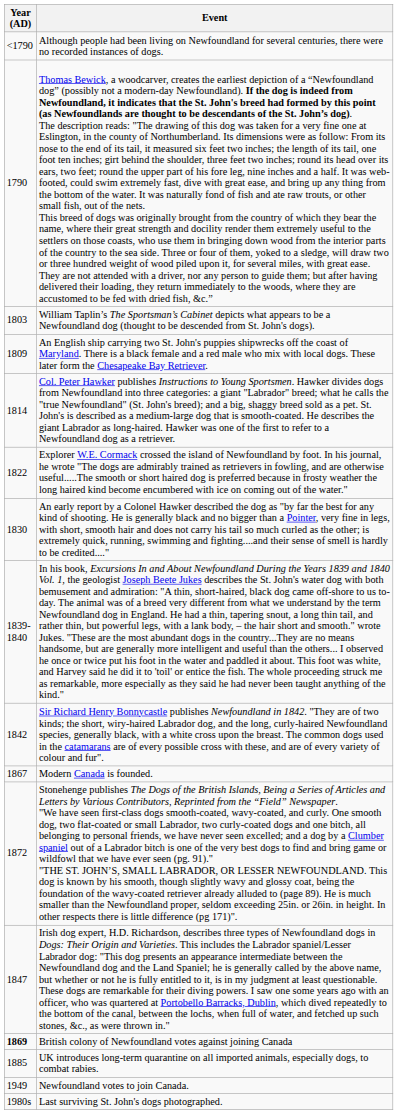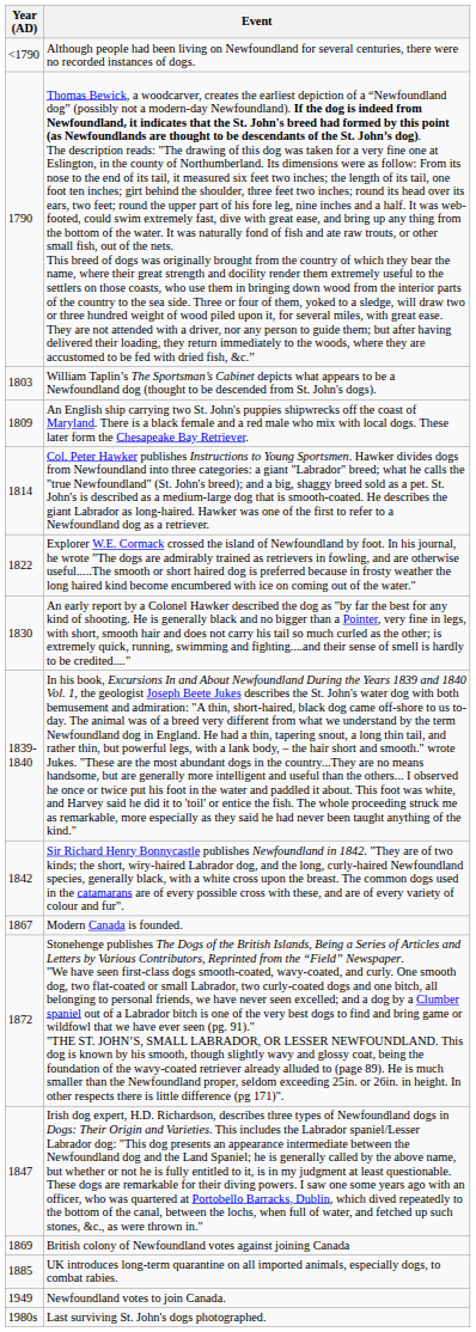 <table class="wikitable">
 <tr>
 <th>Year (AD)</th>
 <th>Event</th>
 </tr>
 <tr>
 <td><1790</td>
 <td>Although people had been living on Newfoundland for several centuries, there were no recorded instances of dogs.</td>
 </tr>
 <tr>
 <td>1790</td>
 <td><br><a href='#'>Thomas Bewick</a>, a woodcarver, creates the earliest depiction of a “Newfoundland dog” (possibly not a modern-day Newfoundland). <strong>If the dog is indeed from Newfoundland, it indicates that the St. John's breed had formed by this point (as Newfoundlands are thought to be descendants of the St. John’s dog)</strong>.<br>The description reads: "The drawing of this dog was taken for a very fine one at Eslington, in the county of Northumberland. Its dimensions were as follow: From its nose to the end of its tail, it measured six feet two inches; the length of its tail, one foot ten inches; girt behind the shoulder, three feet two inches; round its head over its ears, two feet; round the upper part of his fore leg, nine inches and a half. It was web-footed, could swim extremely fast, dive with great ease, and bring up any thing from the bottom of the water. It was naturally fond of fish and ate raw trouts, or other small fish, out of the nets.<br>This breed of dogs was originally brought from the country of which they bear the name, where their great strength and docility render them extremely useful to the settlers on those coasts, who use them in bringing down wood from the interior parts of the country to the sea side. Three or four of them, yoked to a sledge, will draw two or three hundred weight of wood piled upon it, for several miles, with great ease. They are not attended with a driver, nor any person to guide them; but after having delivered their loading, they return immediately to the woods, where they are accustomed to be fed with dried fish, &c.”</td>
 </tr>
 <tr>
 <td>1803</td>
 <td>William Taplin’s <em>The Sportsman’s Cabinet</em> depicts what appears to be a Newfoundland dog (thought to be descended from St. John's dogs).</td>
 </tr>
 <tr>
 <td>1809</td>
 <td>An English ship carrying two St. John's puppies shipwrecks off the coast of <a href='#'>Maryland</a>. There is a black female and a red male who mix with local dogs. These later form the <a href='#'>Chesapeake Bay Retriever</a>.</td>
 </tr>
 <tr>
 <td>1814</td>
 <td><a href='#'>Col. Peter Hawker</a> publishes <em>Instructions to Young Sportsmen</em>. Hawker divides dogs from Newfoundland into three categories: a giant "Labrador" breed; what he calls the "true Newfoundland" (St. John's breed); and a big, shaggy breed sold as a pet. St. John's is described as a medium-large dog that is smooth-coated. He describes the giant Labrador as long-haired. Hawker was one of the first to refer to a Newfoundland dog as a retriever.</td>
 </tr>
 <tr>
 <td>1822</td>
 <td>Explorer <a href='#'>W.E. Cormack</a> crossed the island of Newfoundland by foot. In his journal, he wrote "The dogs are admirably trained as retrievers in fowling, and are otherwise useful.....The smooth or short haired dog is preferred because in frosty weather the long haired kind become encumbered with ice on coming out of the water."</td>
 </tr>
 <tr>
 <td>1830</td>
 <td>An early report by a Colonel Hawker described the dog as "by far the best for any kind of shooting. He is generally black and no bigger than a <a href='#'>Pointer</a>, very fine in legs, with short, smooth hair and does not carry his tail so much curled as the other; is extremely quick, running, swimming and fighting....and their sense of smell is hardly to be credited...."</td>
 </tr>
 <tr>
 <td>1839-1840</td>
 <td>In his book, <em>Excursions In and About Newfoundland During the Years 1839 and 1840 Vol. 1</em>, the geologist <a href='#'>Joseph Beete Jukes</a> describes the St. John's water dog with both bemusement and admiration: "A thin, short-haired, black dog came off-shore to us to-day. The animal was of a breed very different from what we understand by the term Newfoundland dog in England. He had a thin, tapering snout, a long thin tail, and rather thin, but powerful legs, with a lank body, – the hair short and smooth." wrote Jukes. "These are the most abundant dogs in the country...They are no means handsome, but are generally more intelligent and useful than the others... I observed he once or twice put his foot in the water and paddled it about. This foot was white, and Harvey said he did it to 'toil' or entice the fish. The whole proceeding struck me as remarkable, more especially as they said he had never been taught anything of the kind."</td>
 </tr>
 <tr>
 <td>1842</td>
 <td><a href='#'>Sir Richard Henry Bonnycastle</a> publishes <em>Newfoundland in 1842</em>. "They are of two kinds; the short, wiry-haired Labrador dog, and the long, curly-haired Newfoundland species, generally black, with a white cross upon the breast. The common dogs used in the <a href='#'>catamarans</a> are of every possible cross with these, and are of every variety of colour and fur".</td>
 </tr>
 <tr>
 <td>1867</td>
 <td>Modern <a href='#'>Canada</a> is founded.</td>
 </tr>
 <tr>
 <td>1872</td>
 <td>Stonehenge publishes <em>The Dogs of the British Islands, Being a Series of Articles and Letters by Various Contributors, Reprinted from the “Field” Newspaper</em>.<br>"We have seen first-class dogs smooth-coated, wavy-coated, and curly. One smooth dog, two flat-coated or small Labrador, two curly-coated dogs and one bitch, all belonging to personal friends, we have never seen excelled; and a dog by a <a href='#'>Clumber spaniel</a> out of a Labrador bitch is one of the very best dogs to find and bring game or wildfowl that we have ever seen (pg. 91)."<br>"THE ST. JOHN’S, SMALL LABRADOR, OR LESSER NEWFOUNDLAND. This dog is known by his smooth, though slightly wavy and glossy coat, being the foundation of the wavy-coated retriever already alluded to (page 89). He is much smaller than the Newfoundland proper, seldom exceeding 25in. or 26in. in height. In other respects there is little difference (pg 171)".</td>
 </tr>
 <tr>
 <td>1847</td>
 <td>Irish dog expert, H.D. Richardson, describes three types of Newfoundland dogs in <em>Dogs: Their Origin and Varieties</em>.  This includes the Labrador spaniel/Lesser Labrador dog: "This dog presents an appearance intermediate between the Newfoundland dog and the Land Spaniel; he is generally called by the above name, but whether or not he is fully entitled to it, is in my judgment at least questionable. These dogs are remarkable for their diving powers. I saw one some years ago with an officer, who was quartered at <a href='#'>Portobello Barracks, Dublin</a>, which dived repeatedly to the bottom of the canal, between the lochs, when full of water, and fetched up such stones, &c., as were thrown in."</td>
 </tr>
 <tr>
-<td><strong>1869</strong></td>
+<td>1869</td>
 <td>British colony of Newfoundland votes against joining Canada</td>
 </tr>
 <tr>
 <td>1885</td>
 <td>UK introduces long-term quarantine on all imported animals, especially dogs, to combat rabies.</td>
 </tr>
 <tr>
 <td>1949</td>
 <td>Newfoundland votes to join Canada.</td>
 </tr>
 <tr>
 <td>1980s</td>
 <td>Last surviving St. John's dogs photographed.</td>
 </tr>
 </table>
